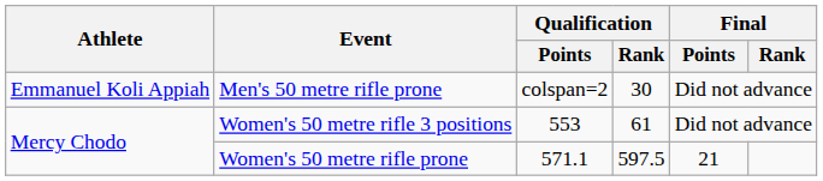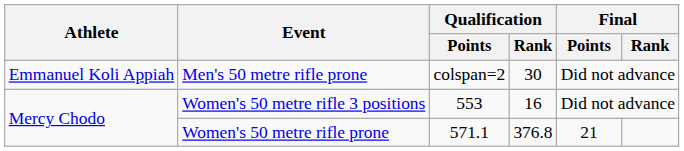 <table class="wikitable" style="font-size:90%">
 <tr>
 <th rowspan=2>Athlete</th>
 <th rowspan=2>Event</th>
 <th colspan=2>Qualification</th>
 <th colspan=2>Final</th>
 </tr>
 <tr style="font-size:95%">
 <th>Points</th>
 <th>Rank</th>
 <th>Points</th>
 <th>Rank</th>
 </tr>
 <tr align=center>
 <td align=left><a href='#'>Emmanuel Koli Appiah</a></td>
 <td align=left><a href='#'>Men's 50 metre rifle prone</a></td>
 <td>colspan=2 </td>
 <td>30</td>
 <td colspan=2>Did not advance</td>
 </tr>
 <tr align=center>
 <td align=left rowspan=2><a href='#'>Mercy Chodo</a></td>
 <td align=left><a href='#'>Women's 50 metre rifle 3 positions</a></td>
 <td>553</td>
-<td>61</td>
+<td>16</td>
 <td colspan=2>Did not advance</td>
 </tr>
 <tr align=center>
 <td align=left><a href='#'>Women's 50 metre rifle prone</a></td>
 <td>571.1</td>
-<td>597.5</td>
+<td>376.8</td>
 <td>21</td>
 </tr>
 </table>
